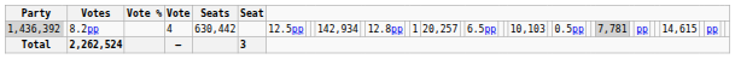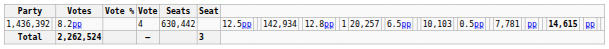 <table class="wikitable" style="text-align:right;">
 <tr>
 <th colspan=2>Party</th>
 <th>Votes</th>
 <th>Vote %</th>
 <th>Vote </th>
 <th>Seats</th>
 <th>Seat </th>
 </tr>
 <tr>
-<td style="background: lightgrey;">1,436,392</td>
+<td>1,436,392</td>
 <td style="text-align:center;"></td>
 <td style="text-align:left;"> 8.2<a href='#'>pp</a></td>
 <td style="text-align:center;"></td>
 <td style="text-align:left;"> 4<br></td>
 <td>630,442</td>
 <td style="text-align:center;"></td>
 <td style="text-align:left;"> 12.5<a href='#'>pp</a></td>
 <td style="text-align:center;"></td>
 <td style="text-align:left;"><br></td>
 <td>142,934</td>
 <td style="text-align:center;"></td>
 <td style="text-align:left;"> 12.8<a href='#'>pp</a></td>
 <td style="text-align:center;"></td>
 <td style="text-align:left;"> 1<br></td>
 <td>20,257</td>
 <td style="text-align:center;"></td>
 <td style="text-align:left;"> 6.5<a href='#'>pp</a></td>
 <td style="text-align:center;"></td>
 <td style="text-align:left;"><br></td>
 <td>10,103</td>
 <td style="text-align:center;"></td>
 <td style="text-align:left;"> 0.5<a href='#'>pp</a></td>
 <td style="text-align:center;"></td>
 <td style="text-align:left;"><br></td>
-<td style="background: lightgrey;">7,781</td>
+<td>7,781</td>
 <td style="text-align:center;"></td>
 <td style="text-align:left;"> <a href='#'>pp</a></td>
 <td style="text-align:center;"></td>
 <td style="text-align:left;"><br></td>
-<td>14,615</td>
+<td><strong>14,615</strong></td>
 <td style="text-align:center;"></td>
 <td style="text-align:left;"> <a href='#'>pp</a></td>
 <td style="text-align:center;"></td>
 <td style="text-align:left;"></td>
 </tr>
 <tr>
 <th colspan="2">Total</th>
 <th>2,262,524</th>
 <th></th>
 <th>–</th>
 <th></th>
 <th style="text-align:left;"> 3</th>
 </tr>
 </table>
